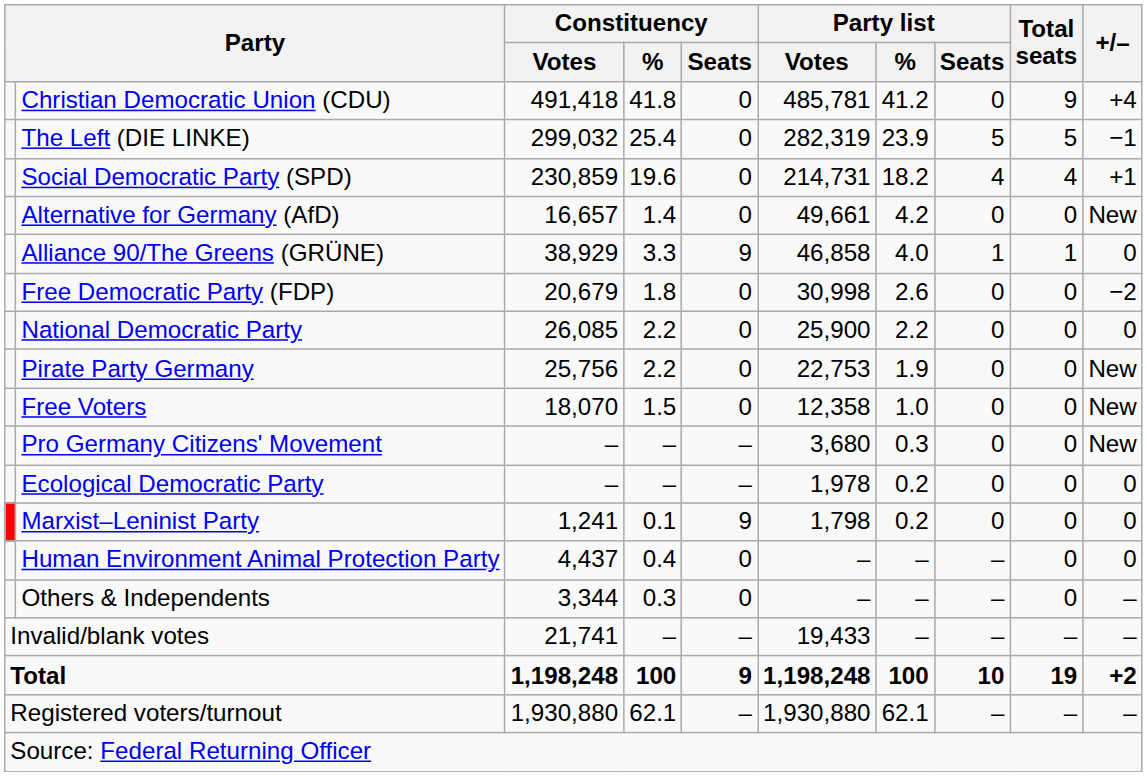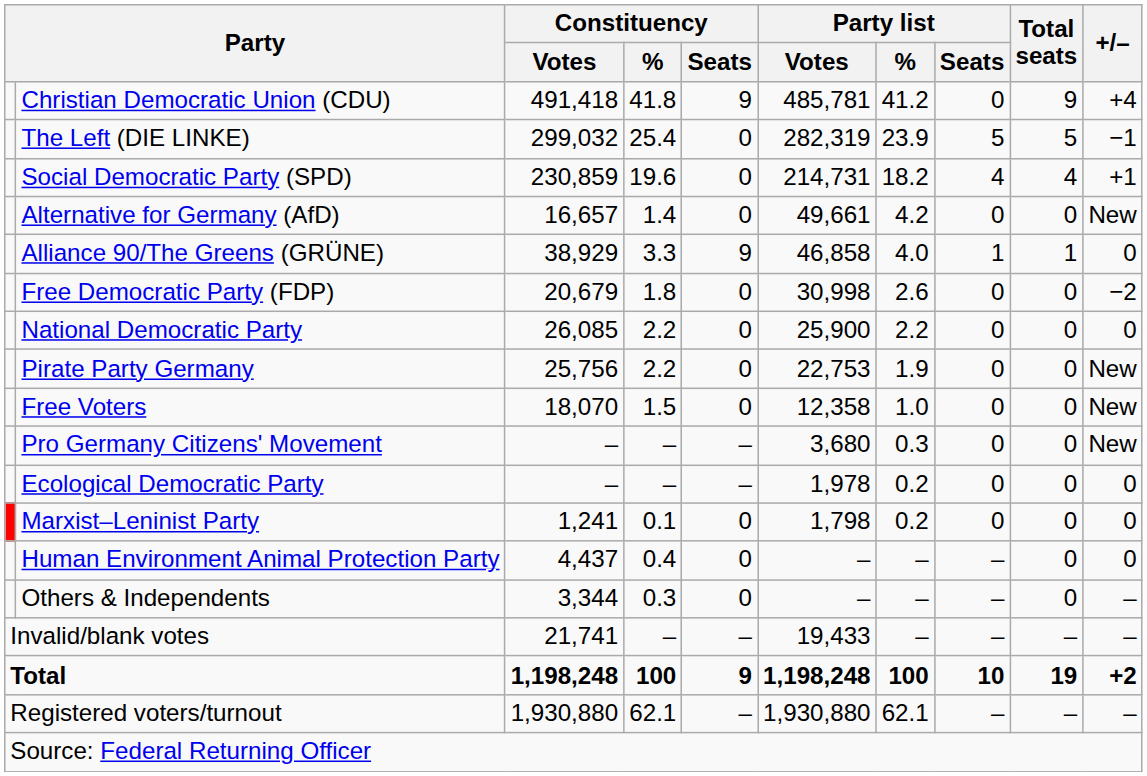 <table class="wikitable" style="text-align:right">
 <tr>
 <th colspan="2" rowspan="2">Party</th>
 <th colspan="3">Constituency</th>
 <th colspan="3">Party list</th>
 <th rowspan="2">Total<br>seats</th>
 <th rowspan="2">+/–</th>
 </tr>
 <tr>
 <th>Votes</th>
 <th>%</th>
 <th>Seats</th>
 <th>Votes</th>
 <th>%</th>
 <th>Seats</th>
 </tr>
 <tr>
 <td></td>
 <td align="left"><a href='#'>Christian Democratic Union</a> (CDU)</td>
 <td>491,418</td>
 <td>41.8</td>
-<td>0</td>
+<td>9</td>
 <td>485,781</td>
 <td>41.2</td>
 <td>0</td>
 <td>9</td>
 <td>+4</td>
 </tr>
 <tr>
 <td></td>
 <td align="left"><a href='#'>The Left</a> (DIE LINKE)</td>
 <td>299,032</td>
 <td>25.4</td>
 <td>0</td>
 <td>282,319</td>
 <td>23.9</td>
 <td>5</td>
 <td>5</td>
 <td>−1</td>
 </tr>
 <tr>
 <td></td>
 <td align="left"><a href='#'>Social Democratic Party</a> (SPD)</td>
 <td>230,859</td>
 <td>19.6</td>
 <td>0</td>
 <td>214,731</td>
 <td>18.2</td>
 <td>4</td>
 <td>4</td>
 <td>+1</td>
 </tr>
 <tr>
 <td></td>
 <td align="left"><a href='#'>Alternative for Germany</a> (AfD)</td>
 <td>16,657</td>
 <td>1.4</td>
 <td>0</td>
 <td>49,661</td>
 <td>4.2</td>
 <td>0</td>
 <td>0</td>
 <td>New</td>
 </tr>
 <tr>
 <td></td>
 <td align="left"><a href='#'>Alliance 90/The Greens</a> (GRÜNE)</td>
 <td>38,929</td>
 <td>3.3</td>
 <td>9</td>
 <td>46,858</td>
 <td>4.0</td>
 <td>1</td>
 <td>1</td>
 <td>0</td>
 </tr>
 <tr>
 <td></td>
 <td align="left"><a href='#'>Free Democratic Party</a> (FDP)</td>
 <td>20,679</td>
 <td>1.8</td>
 <td>0</td>
 <td>30,998</td>
 <td>2.6</td>
 <td>0</td>
 <td>0</td>
 <td>−2</td>
 </tr>
 <tr>
 <td style="background-color:"></td>
 <td align="left"><a href='#'>National Democratic Party</a></td>
 <td>26,085</td>
 <td>2.2</td>
 <td>0</td>
 <td>25,900</td>
 <td>2.2</td>
 <td>0</td>
 <td>0</td>
 <td>0</td>
 </tr>
 <tr>
 <td style="background-color:"></td>
 <td align="left"><a href='#'>Pirate Party Germany</a></td>
 <td>25,756</td>
 <td>2.2</td>
 <td>0</td>
 <td>22,753</td>
 <td>1.9</td>
 <td>0</td>
 <td>0</td>
 <td>New</td>
 </tr>
 <tr>
 <td style="background-color:"></td>
 <td align="left"><a href='#'>Free Voters</a></td>
 <td>18,070</td>
 <td>1.5</td>
 <td>0</td>
 <td>12,358</td>
 <td>1.0</td>
 <td>0</td>
 <td>0</td>
 <td>New</td>
 </tr>
 <tr>
 <td></td>
 <td align="left"><a href='#'>Pro Germany Citizens' Movement</a></td>
 <td>–</td>
 <td>–</td>
 <td>–</td>
 <td>3,680</td>
 <td>0.3</td>
 <td>0</td>
 <td>0</td>
 <td>New</td>
 </tr>
 <tr>
 <td style="background-color:"></td>
 <td align="left"><a href='#'>Ecological Democratic Party</a></td>
 <td>–</td>
 <td>–</td>
 <td>–</td>
 <td>1,978</td>
 <td>0.2</td>
 <td>0</td>
 <td>0</td>
 <td>0</td>
 </tr>
 <tr>
 <td style="background-color:red"></td>
 <td align="left"><a href='#'>Marxist–Leninist Party</a></td>
 <td>1,241</td>
 <td>0.1</td>
-<td>9</td>
+<td>0</td>
 <td>1,798</td>
 <td>0.2</td>
 <td>0</td>
 <td>0</td>
 <td>0</td>
 </tr>
 <tr>
 <td style="background-color:"></td>
 <td align="left"><a href='#'>Human Environment Animal Protection Party</a></td>
 <td>4,437</td>
 <td>0.4</td>
 <td>0</td>
 <td>–</td>
 <td>–</td>
 <td>–</td>
 <td>0</td>
 <td>0</td>
 </tr>
 <tr>
 <td></td>
 <td align="left">Others & Independents</td>
 <td>3,344</td>
 <td>0.3</td>
 <td>0</td>
 <td>–</td>
 <td>–</td>
 <td>–</td>
 <td>0</td>
 <td>–</td>
 </tr>
 <tr>
 <td colspan="2" align="left">Invalid/blank votes</td>
 <td>21,741</td>
 <td>–</td>
 <td>–</td>
 <td>19,433</td>
 <td>–</td>
 <td>–</td>
 <td>–</td>
 <td>–</td>
 </tr>
 <tr>
 <td colspan="2" align="left"><strong>Total</strong></td>
 <td><strong>1,198,248</strong></td>
 <td><strong>100</strong></td>
 <td><strong>9</strong></td>
 <td><strong>1,198,248</strong></td>
 <td><strong>100</strong></td>
 <td><strong>10</strong></td>
 <td><strong>19</strong></td>
 <td><strong>+2</strong></td>
 </tr>
 <tr>
 <td colspan="2" align="left">Registered voters/turnout</td>
 <td>1,930,880</td>
 <td>62.1</td>
 <td>–</td>
 <td>1,930,880</td>
 <td>62.1</td>
 <td>–</td>
 <td>–</td>
 <td>–</td>
 </tr>
 <tr>
 <td colspan="10" align="left">Source: <a href='#'>Federal Returning Officer</a></td>
 </tr>
 </table>
